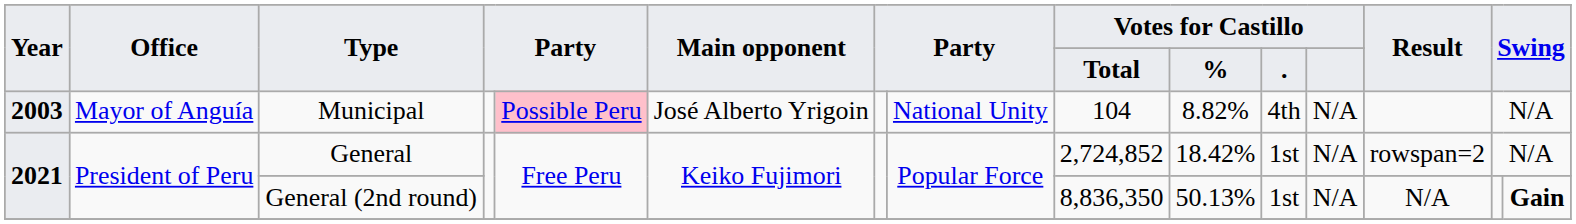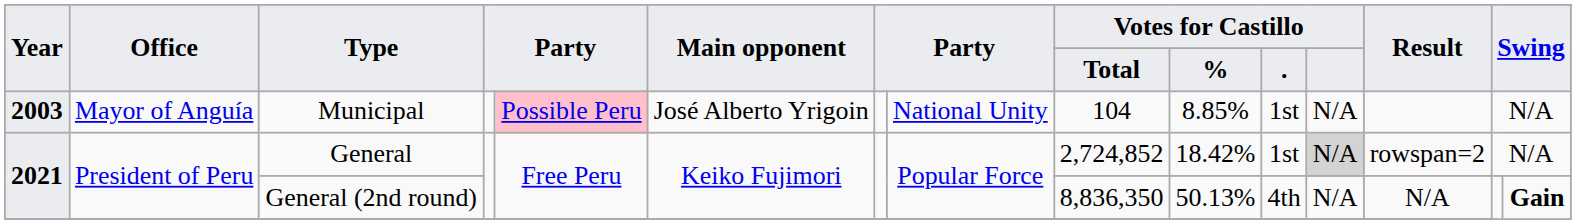 <table class="wikitable" style="font-size:90%; text-align:center;">
 <tr>
 <th style="background-color:#EAECF0;" rowspan=2>Year</th>
 <th style="background-color:#EAECF0;" rowspan=2>Office</th>
 <th style="background-color:#EAECF0;" rowspan=2>Type</th>
 <th style="background-color:#EAECF0;" colspan=2 rowspan=2>Party</th>
 <th style="background-color:#EAECF0;" rowspan=2>Main opponent</th>
 <th style="background-color:#EAECF0;" colspan=2 rowspan=2>Party</th>
 <th style="background-color:#EAECF0;" colspan=4>Votes for Castillo</th>
 <th style="background-color:#EAECF0;" rowspan=2>Result</th>
 <th style="background-color:#EAECF0;" colspan=2 rowspan=2><a href='#'>Swing</a></th>
 </tr>
 <tr>
 <th style="background-color:#EAECF0;">Total</th>
 <th style="background-color:#EAECF0;">%</th>
 <th style="background-color:#EAECF0;">.</th>
 <th style="background-color:#EAECF0;"></th>
 </tr>
 <tr>
 <th style="background-color:#EAECF0;">2003</th>
 <td><a href='#'>Mayor of Anguía</a></td>
 <td>Municipal</td>
 <td style="background-color:"></td>
 <td style="background: pink;"><a href='#'>Possible Peru</a></td>
 <td>José Alberto Yrigoin</td>
 <td style="background-color:"></td>
 <td><a href='#'>National Unity</a></td>
 <td>104</td>
-<td>8.82%</td>
-<td>4th</td>
+<td>8.85%</td>
+<td>1st</td>
 <td>N/A</td>
 <td></td>
 <td colspan=2>N/A</td>
 </tr>
 <tr>
 <th rowspan="2" style="background-color:#EAECF0;">2021</th>
 <td rowspan="2"><a href='#'>President of Peru</a></td>
 <td>General</td>
 <td rowspan="2" style="background-color:"></td>
 <td rowspan="2"><a href='#'>Free Peru</a></td>
 <td rowspan="2"><a href='#'>Keiko Fujimori</a></td>
 <td rowspan="2" style="background-color:"></td>
 <td rowspan="2"><a href='#'>Popular Force</a></td>
 <td>2,724,852</td>
 <td>18.42%</td>
 <td>1st</td>
-<td>N/A</td>
+<td style="background: lightgrey;">N/A</td>
 <td>rowspan=2 </td>
 <td colspan=2>N/A</td>
 </tr>
 <tr>
 <td>General (2nd round)</td>
 <td>8,836,350</td>
 <td>50.13%</td>
-<td>1st</td>
+<td>4th</td>
 <td>N/A</td>
 <td>N/A</td>
 <td rowspan=2 style="background-color:"></td>
 <td rowspan=2><strong>Gain</strong></td>
 </tr>
 <tr>
 </tr>
 </table>
